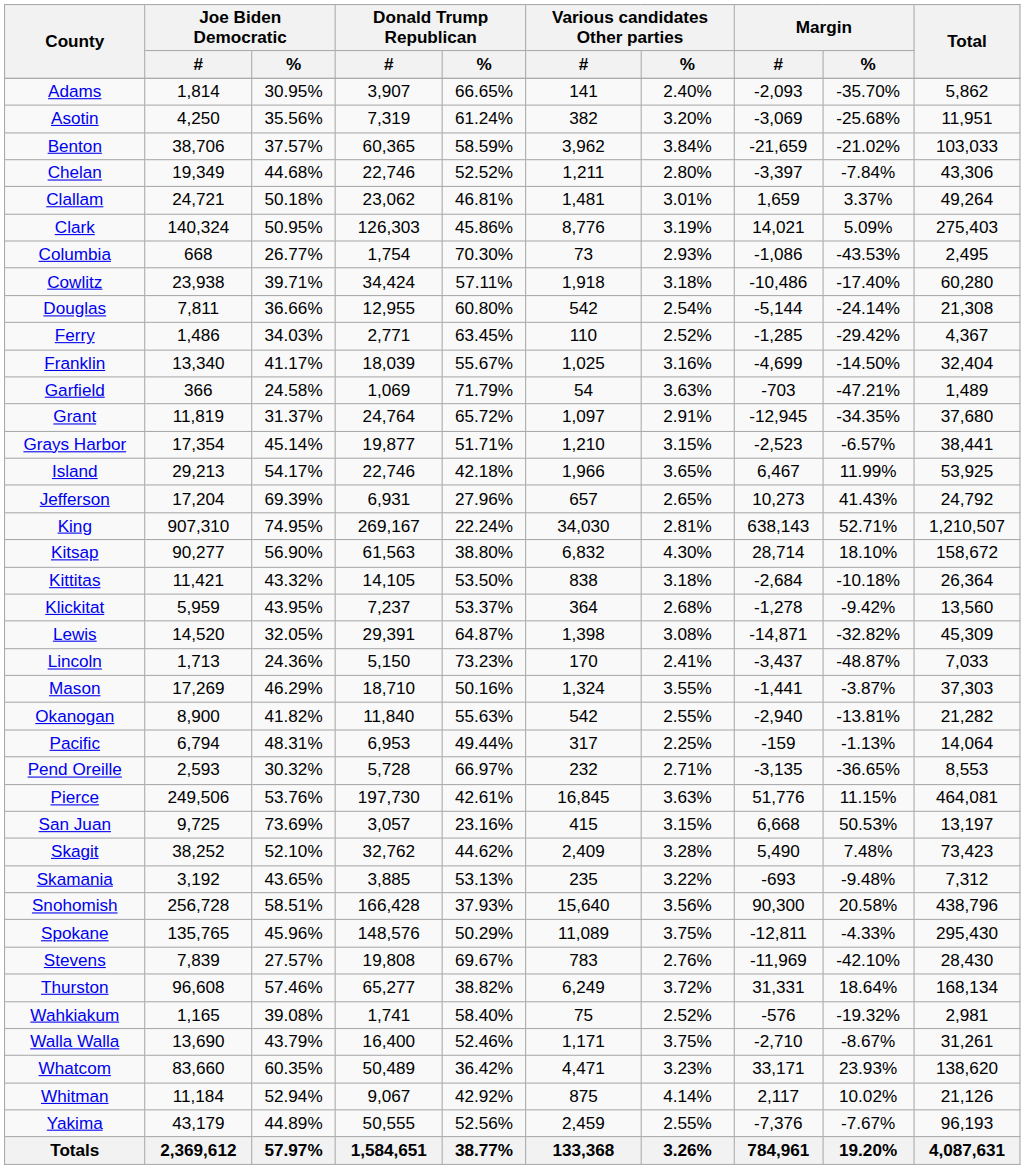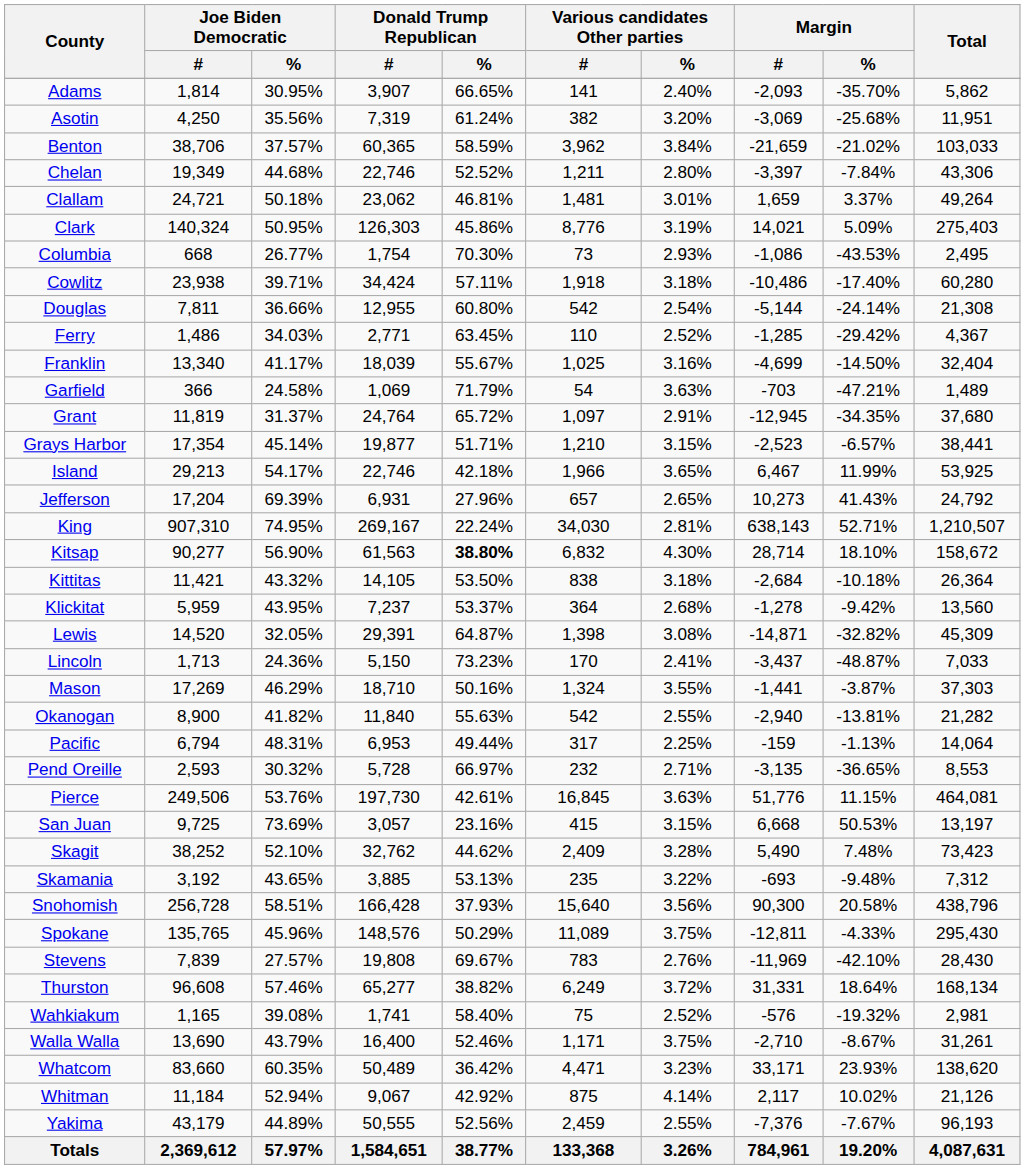 <table width="60%" class="wikitable sortable">
 <tr>
 <th rowspan="2">County</th>
 <th colspan="2">Joe Biden<br>Democratic</th>
 <th colspan="2">Donald Trump<br>Republican</th>
 <th colspan="2">Various candidates<br>Other parties</th>
 <th colspan="2">Margin</th>
 <th rowspan="2">Total</th>
 </tr>
 <tr>
 <th style="text-align:center;" data-sort-type="number">#</th>
 <th style="text-align:center;" data-sort-type="number">%</th>
 <th style="text-align:center;" data-sort-type="number">#</th>
 <th style="text-align:center;" data-sort-type="number">%</th>
 <th style="text-align:center;" data-sort-type="number">#</th>
 <th style="text-align:center;" data-sort-type="number">%</th>
 <th style="text-align:center;" data-sort-type="number">#</th>
 <th style="text-align:center;" data-sort-type="number">%</th>
 </tr>
 <tr>
 </tr>
 <tr style="text-align:center;">
 <td><a href='#'>Adams</a></td>
 <td>1,814</td>
 <td>30.95%</td>
 <td>3,907</td>
 <td>66.65%</td>
 <td>141</td>
 <td>2.40%</td>
 <td>-2,093</td>
 <td>-35.70%</td>
 <td>5,862</td>
 </tr>
 <tr style="text-align:center;">
 <td><a href='#'>Asotin</a></td>
 <td>4,250</td>
 <td>35.56%</td>
 <td>7,319</td>
 <td>61.24%</td>
 <td>382</td>
 <td>3.20%</td>
 <td>-3,069</td>
 <td>-25.68%</td>
 <td>11,951</td>
 </tr>
 <tr style="text-align:center;">
 <td><a href='#'>Benton</a></td>
 <td>38,706</td>
 <td>37.57%</td>
 <td>60,365</td>
 <td>58.59%</td>
 <td>3,962</td>
 <td>3.84%</td>
 <td>-21,659</td>
 <td>-21.02%</td>
 <td>103,033</td>
 </tr>
 <tr style="text-align:center;">
 <td><a href='#'>Chelan</a></td>
 <td>19,349</td>
 <td>44.68%</td>
 <td>22,746</td>
 <td>52.52%</td>
 <td>1,211</td>
 <td>2.80%</td>
 <td>-3,397</td>
 <td>-7.84%</td>
 <td>43,306</td>
 </tr>
 <tr style="text-align:center;">
 <td><a href='#'>Clallam</a></td>
 <td>24,721</td>
 <td>50.18%</td>
 <td>23,062</td>
 <td>46.81%</td>
 <td>1,481</td>
 <td>3.01%</td>
 <td>1,659</td>
 <td>3.37%</td>
 <td>49,264</td>
 </tr>
 <tr style="text-align:center;">
 <td><a href='#'>Clark</a></td>
 <td>140,324</td>
 <td>50.95%</td>
 <td>126,303</td>
 <td>45.86%</td>
 <td>8,776</td>
 <td>3.19%</td>
 <td>14,021</td>
 <td>5.09%</td>
 <td>275,403</td>
 </tr>
 <tr style="text-align:center;">
 <td><a href='#'>Columbia</a></td>
 <td>668</td>
 <td>26.77%</td>
 <td>1,754</td>
 <td>70.30%</td>
 <td>73</td>
 <td>2.93%</td>
 <td>-1,086</td>
 <td>-43.53%</td>
 <td>2,495</td>
 </tr>
 <tr style="text-align:center;">
 <td><a href='#'>Cowlitz</a></td>
 <td>23,938</td>
 <td>39.71%</td>
 <td>34,424</td>
 <td>57.11%</td>
 <td>1,918</td>
 <td>3.18%</td>
 <td>-10,486</td>
 <td>-17.40%</td>
 <td>60,280</td>
 </tr>
 <tr style="text-align:center;">
 <td><a href='#'>Douglas</a></td>
 <td>7,811</td>
 <td>36.66%</td>
 <td>12,955</td>
 <td>60.80%</td>
 <td>542</td>
 <td>2.54%</td>
 <td>-5,144</td>
 <td>-24.14%</td>
 <td>21,308</td>
 </tr>
 <tr style="text-align:center;">
 <td><a href='#'>Ferry</a></td>
 <td>1,486</td>
 <td>34.03%</td>
 <td>2,771</td>
 <td>63.45%</td>
 <td>110</td>
 <td>2.52%</td>
 <td>-1,285</td>
 <td>-29.42%</td>
 <td>4,367</td>
 </tr>
 <tr style="text-align:center;">
 <td><a href='#'>Franklin</a></td>
 <td>13,340</td>
 <td>41.17%</td>
 <td>18,039</td>
 <td>55.67%</td>
 <td>1,025</td>
 <td>3.16%</td>
 <td>-4,699</td>
 <td>-14.50%</td>
 <td>32,404</td>
 </tr>
 <tr style="text-align:center;">
 <td><a href='#'>Garfield</a></td>
 <td>366</td>
 <td>24.58%</td>
 <td>1,069</td>
 <td>71.79%</td>
 <td>54</td>
 <td>3.63%</td>
 <td>-703</td>
 <td>-47.21%</td>
 <td>1,489</td>
 </tr>
 <tr style="text-align:center;">
 <td><a href='#'>Grant</a></td>
 <td>11,819</td>
 <td>31.37%</td>
 <td>24,764</td>
 <td>65.72%</td>
 <td>1,097</td>
 <td>2.91%</td>
 <td>-12,945</td>
 <td>-34.35%</td>
 <td>37,680</td>
 </tr>
 <tr style="text-align:center;">
 <td><a href='#'>Grays Harbor</a></td>
 <td>17,354</td>
 <td>45.14%</td>
 <td>19,877</td>
 <td>51.71%</td>
 <td>1,210</td>
 <td>3.15%</td>
 <td>-2,523</td>
 <td>-6.57%</td>
 <td>38,441</td>
 </tr>
 <tr style="text-align:center;">
 <td><a href='#'>Island</a></td>
 <td>29,213</td>
 <td>54.17%</td>
 <td>22,746</td>
 <td>42.18%</td>
 <td>1,966</td>
 <td>3.65%</td>
 <td>6,467</td>
 <td>11.99%</td>
 <td>53,925</td>
 </tr>
 <tr style="text-align:center;">
 <td><a href='#'>Jefferson</a></td>
 <td>17,204</td>
 <td>69.39%</td>
 <td>6,931</td>
 <td>27.96%</td>
 <td>657</td>
 <td>2.65%</td>
 <td>10,273</td>
 <td>41.43%</td>
 <td>24,792</td>
 </tr>
 <tr style="text-align:center;">
 <td><a href='#'>King</a></td>
 <td>907,310</td>
 <td>74.95%</td>
 <td>269,167</td>
 <td>22.24%</td>
 <td>34,030</td>
 <td>2.81%</td>
 <td>638,143</td>
 <td>52.71%</td>
 <td>1,210,507</td>
 </tr>
 <tr style="text-align:center;">
 <td><a href='#'>Kitsap</a></td>
 <td>90,277</td>
 <td>56.90%</td>
 <td>61,563</td>
-<td>38.80%</td>
+<td><strong>38.80%</strong></td>
 <td>6,832</td>
 <td>4.30%</td>
 <td>28,714</td>
 <td>18.10%</td>
 <td>158,672</td>
 </tr>
 <tr style="text-align:center;">
 <td><a href='#'>Kittitas</a></td>
 <td>11,421</td>
 <td>43.32%</td>
 <td>14,105</td>
 <td>53.50%</td>
 <td>838</td>
 <td>3.18%</td>
 <td>-2,684</td>
 <td>-10.18%</td>
 <td>26,364</td>
 </tr>
 <tr style="text-align:center;">
 <td><a href='#'>Klickitat</a></td>
 <td>5,959</td>
 <td>43.95%</td>
 <td>7,237</td>
 <td>53.37%</td>
 <td>364</td>
 <td>2.68%</td>
 <td>-1,278</td>
 <td>-9.42%</td>
 <td>13,560</td>
 </tr>
 <tr style="text-align:center;">
 <td><a href='#'>Lewis</a></td>
 <td>14,520</td>
 <td>32.05%</td>
 <td>29,391</td>
 <td>64.87%</td>
 <td>1,398</td>
 <td>3.08%</td>
 <td>-14,871</td>
 <td>-32.82%</td>
 <td>45,309</td>
 </tr>
 <tr style="text-align:center;">
 <td><a href='#'>Lincoln</a></td>
 <td>1,713</td>
 <td>24.36%</td>
 <td>5,150</td>
 <td>73.23%</td>
 <td>170</td>
 <td>2.41%</td>
 <td>-3,437</td>
 <td>-48.87%</td>
 <td>7,033</td>
 </tr>
 <tr style="text-align:center;">
 <td><a href='#'>Mason</a></td>
 <td>17,269</td>
 <td>46.29%</td>
 <td>18,710</td>
 <td>50.16%</td>
 <td>1,324</td>
 <td>3.55%</td>
 <td>-1,441</td>
 <td>-3.87%</td>
 <td>37,303</td>
 </tr>
 <tr style="text-align:center;">
 <td><a href='#'>Okanogan</a></td>
 <td>8,900</td>
 <td>41.82%</td>
 <td>11,840</td>
 <td>55.63%</td>
 <td>542</td>
 <td>2.55%</td>
 <td>-2,940</td>
 <td>-13.81%</td>
 <td>21,282</td>
 </tr>
 <tr style="text-align:center;">
 <td><a href='#'>Pacific</a></td>
 <td>6,794</td>
 <td>48.31%</td>
 <td>6,953</td>
 <td>49.44%</td>
 <td>317</td>
 <td>2.25%</td>
 <td>-159</td>
 <td>-1.13%</td>
 <td>14,064</td>
 </tr>
 <tr style="text-align:center;">
 <td><a href='#'>Pend Oreille</a></td>
 <td>2,593</td>
 <td>30.32%</td>
 <td>5,728</td>
 <td>66.97%</td>
 <td>232</td>
 <td>2.71%</td>
 <td>-3,135</td>
 <td>-36.65%</td>
 <td>8,553</td>
 </tr>
 <tr style="text-align:center;">
 <td><a href='#'>Pierce</a></td>
 <td>249,506</td>
 <td>53.76%</td>
 <td>197,730</td>
 <td>42.61%</td>
 <td>16,845</td>
 <td>3.63%</td>
 <td>51,776</td>
 <td>11.15%</td>
 <td>464,081</td>
 </tr>
 <tr style="text-align:center;">
 <td><a href='#'>San Juan</a></td>
 <td>9,725</td>
 <td>73.69%</td>
 <td>3,057</td>
 <td>23.16%</td>
 <td>415</td>
 <td>3.15%</td>
 <td>6,668</td>
 <td>50.53%</td>
 <td>13,197</td>
 </tr>
 <tr style="text-align:center;">
 <td><a href='#'>Skagit</a></td>
 <td>38,252</td>
 <td>52.10%</td>
 <td>32,762</td>
 <td>44.62%</td>
 <td>2,409</td>
 <td>3.28%</td>
 <td>5,490</td>
 <td>7.48%</td>
 <td>73,423</td>
 </tr>
 <tr style="text-align:center;">
 <td><a href='#'>Skamania</a></td>
 <td>3,192</td>
 <td>43.65%</td>
 <td>3,885</td>
 <td>53.13%</td>
 <td>235</td>
 <td>3.22%</td>
 <td>-693</td>
 <td>-9.48%</td>
 <td>7,312</td>
 </tr>
 <tr style="text-align:center;">
 <td><a href='#'>Snohomish</a></td>
 <td>256,728</td>
 <td>58.51%</td>
 <td>166,428</td>
 <td>37.93%</td>
 <td>15,640</td>
 <td>3.56%</td>
 <td>90,300</td>
 <td>20.58%</td>
 <td>438,796</td>
 </tr>
 <tr style="text-align:center;">
 <td><a href='#'>Spokane</a></td>
 <td>135,765</td>
 <td>45.96%</td>
 <td>148,576</td>
 <td>50.29%</td>
 <td>11,089</td>
 <td>3.75%</td>
 <td>-12,811</td>
 <td>-4.33%</td>
 <td>295,430</td>
 </tr>
 <tr style="text-align:center;">
 <td><a href='#'>Stevens</a></td>
 <td>7,839</td>
 <td>27.57%</td>
 <td>19,808</td>
 <td>69.67%</td>
 <td>783</td>
 <td>2.76%</td>
 <td>-11,969</td>
 <td>-42.10%</td>
 <td>28,430</td>
 </tr>
 <tr style="text-align:center;">
 <td><a href='#'>Thurston</a></td>
 <td>96,608</td>
 <td>57.46%</td>
 <td>65,277</td>
 <td>38.82%</td>
 <td>6,249</td>
 <td>3.72%</td>
 <td>31,331</td>
 <td>18.64%</td>
 <td>168,134</td>
 </tr>
 <tr style="text-align:center;">
 <td><a href='#'>Wahkiakum</a></td>
 <td>1,165</td>
 <td>39.08%</td>
 <td>1,741</td>
 <td>58.40%</td>
 <td>75</td>
 <td>2.52%</td>
 <td>-576</td>
 <td>-19.32%</td>
 <td>2,981</td>
 </tr>
 <tr style="text-align:center;">
 <td><a href='#'>Walla Walla</a></td>
 <td>13,690</td>
 <td>43.79%</td>
 <td>16,400</td>
 <td>52.46%</td>
 <td>1,171</td>
 <td>3.75%</td>
 <td>-2,710</td>
 <td>-8.67%</td>
 <td>31,261</td>
 </tr>
 <tr style="text-align:center;">
 <td><a href='#'>Whatcom</a></td>
 <td>83,660</td>
 <td>60.35%</td>
 <td>50,489</td>
 <td>36.42%</td>
 <td>4,471</td>
 <td>3.23%</td>
 <td>33,171</td>
 <td>23.93%</td>
 <td>138,620</td>
 </tr>
 <tr style="text-align:center;">
 <td><a href='#'>Whitman</a></td>
 <td>11,184</td>
 <td>52.94%</td>
 <td>9,067</td>
 <td>42.92%</td>
 <td>875</td>
 <td>4.14%</td>
 <td>2,117</td>
 <td>10.02%</td>
 <td>21,126</td>
 </tr>
 <tr style="text-align:center;">
 <td><a href='#'>Yakima</a></td>
 <td>43,179</td>
 <td>44.89%</td>
 <td>50,555</td>
 <td>52.56%</td>
 <td>2,459</td>
 <td>2.55%</td>
 <td>-7,376</td>
 <td>-7.67%</td>
 <td>96,193</td>
 </tr>
 <tr>
 <th>Totals</th>
 <th>2,369,612</th>
 <th>57.97%</th>
 <th>1,584,651</th>
 <th>38.77%</th>
 <th>133,368</th>
 <th>3.26%</th>
 <th>784,961</th>
 <th>19.20%</th>
 <th>4,087,631</th>
 </tr>
 </table>
